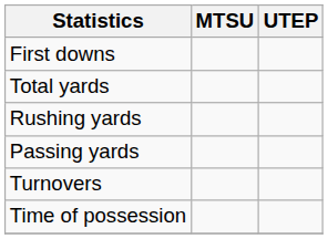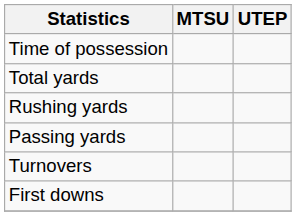 <table class="wikitable">
 <tr>
 <th>Statistics</th>
 <th>MTSU</th>
 <th>UTEP</th>
 </tr>
 <tr>
-<td>First downs</td>
+<td>Time of possession</td>
 <td></td>
 <td></td>
 </tr>
 <tr>
 <td>Total yards</td>
 <td></td>
 <td></td>
 </tr>
 <tr>
 <td>Rushing yards</td>
 <td></td>
 <td></td>
 </tr>
 <tr>
 <td>Passing yards</td>
 <td></td>
 <td></td>
 </tr>
 <tr>
 <td>Turnovers</td>
 <td></td>
 <td></td>
 </tr>
 <tr>
-<td>Time of possession</td>
+<td>First downs</td>
 <td></td>
 <td></td>
 </tr>
 <tr>
 </tr>
 </table>
